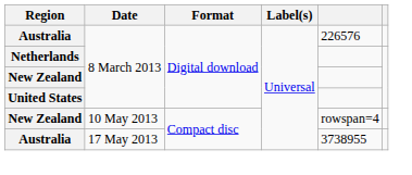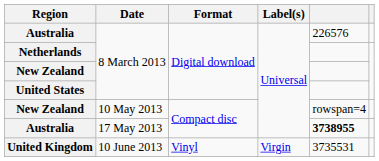 <table class="wikitable plainrowheaders">
 <tr>
 <th scope="col">Region</th>
 <th scope="col">Date</th>
 <th scope="col">Format</th>
 <th scope="col">Label(s)</th>
 <th scope="col"></th>
 <th scope="col"></th>
 </tr>
 <tr>
 <th scope="row">Australia</th>
 <td rowspan=4>8 March 2013</td>
 <td rowspan=4><a href='#'>Digital download</a></td>
 <td rowspan=6><a href='#'>Universal</a></td>
 <td>226576</td>
 <td align="center"></td>
 </tr>
 <tr>
 <th scope="row">Netherlands</th>
 <td align="center"></td>
 </tr>
 <tr>
 <th scope="row">New Zealand</th>
 <td align="center"></td>
 </tr>
 <tr>
 <th scope="row">United States</th>
 <td align="center"></td>
 </tr>
 <tr>
 <th scope="row">New Zealand</th>
 <td>10 May 2013</td>
 <td rowspan=2><a href='#'>Compact disc</a> </td>
 <td>rowspan=4 </td>
 <td align="center"></td>
 </tr>
 <tr>
 <th scope="row">Australia</th>
 <td>17 May 2013</td>
-<td>3738955</td>
+<td><strong>3738955</strong></td>
+<td align="center"></td>
+</tr>
+<tr>
+<th scope="row">United Kingdom</th>
+<td>10 June 2013</td>
+<td><a href='#'>Vinyl</a></td>
+<td><a href='#'>Virgin</a></td>
+<td>3735531</td>
 <td align="center"></td>
 </tr>
 </table>
